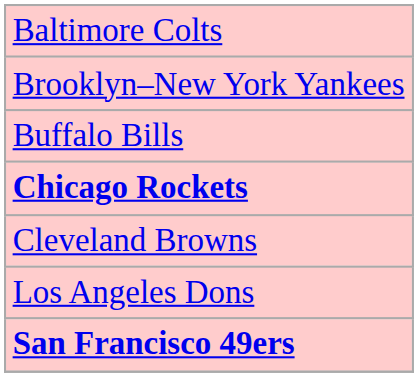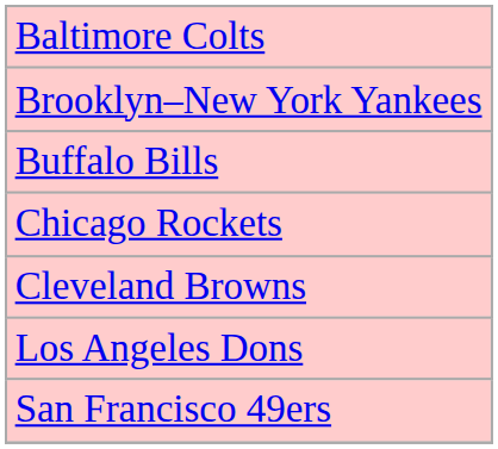 <table class="wikitable">
 <tr>
 <td style="background-color: #FFCCCC;"><a href='#'>Baltimore Colts</a></td>
 </tr>
 <tr>
 <td style="background-color: #FFCCCC;"><a href='#'>Brooklyn–New York Yankees</a></td>
 </tr>
 <tr>
 <td style="background-color: #FFCCCC;"><a href='#'>Buffalo Bills</a></td>
 </tr>
 <tr>
-<td style="background-color: #FFCCCC;"><strong><a href='#'>Chicago Rockets</a></strong></td>
+<td style="background-color: #FFCCCC;"><a href='#'>Chicago Rockets</a></td>
 </tr>
 <tr>
 <td style="background-color: #FFCCCC;"><a href='#'>Cleveland Browns</a></td>
 </tr>
 <tr>
 <td style="background-color: #FFCCCC;"><a href='#'>Los Angeles Dons</a></td>
 </tr>
 <tr>
-<td style="background-color: #FFCCCC;"><strong><a href='#'>San Francisco 49ers</a></strong></td>
+<td style="background-color: #FFCCCC;"><a href='#'>San Francisco 49ers</a></td>
 </tr>
 <tr>
 </tr>
 </table>
